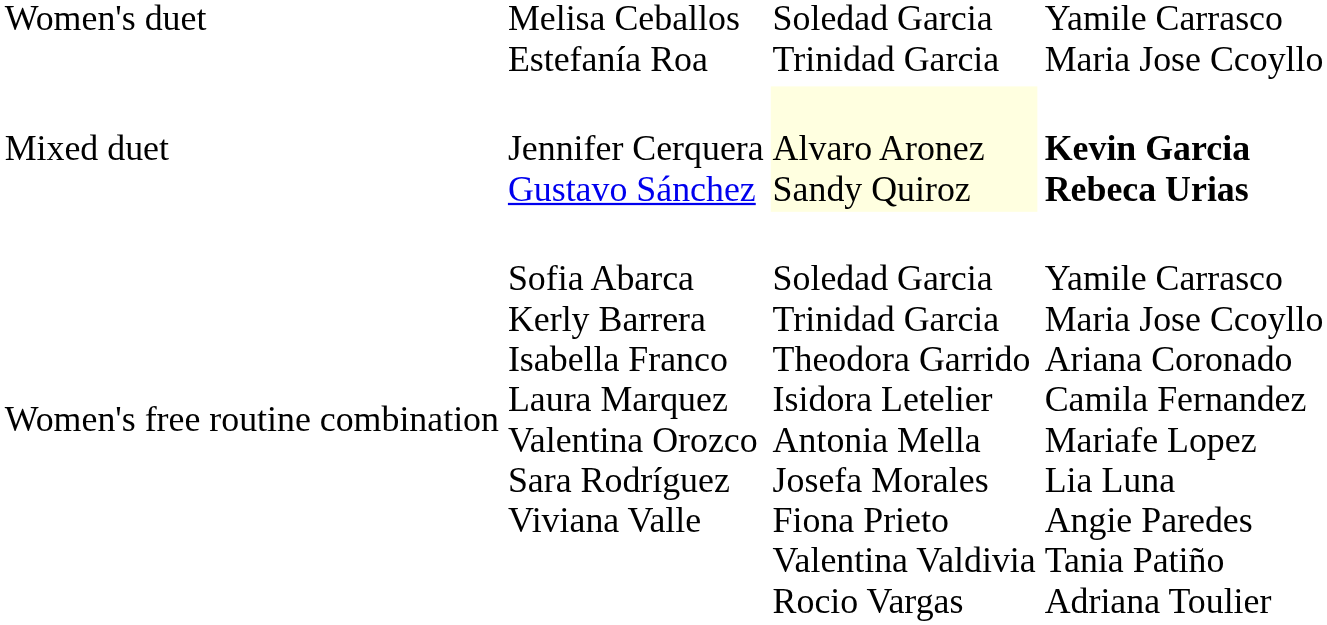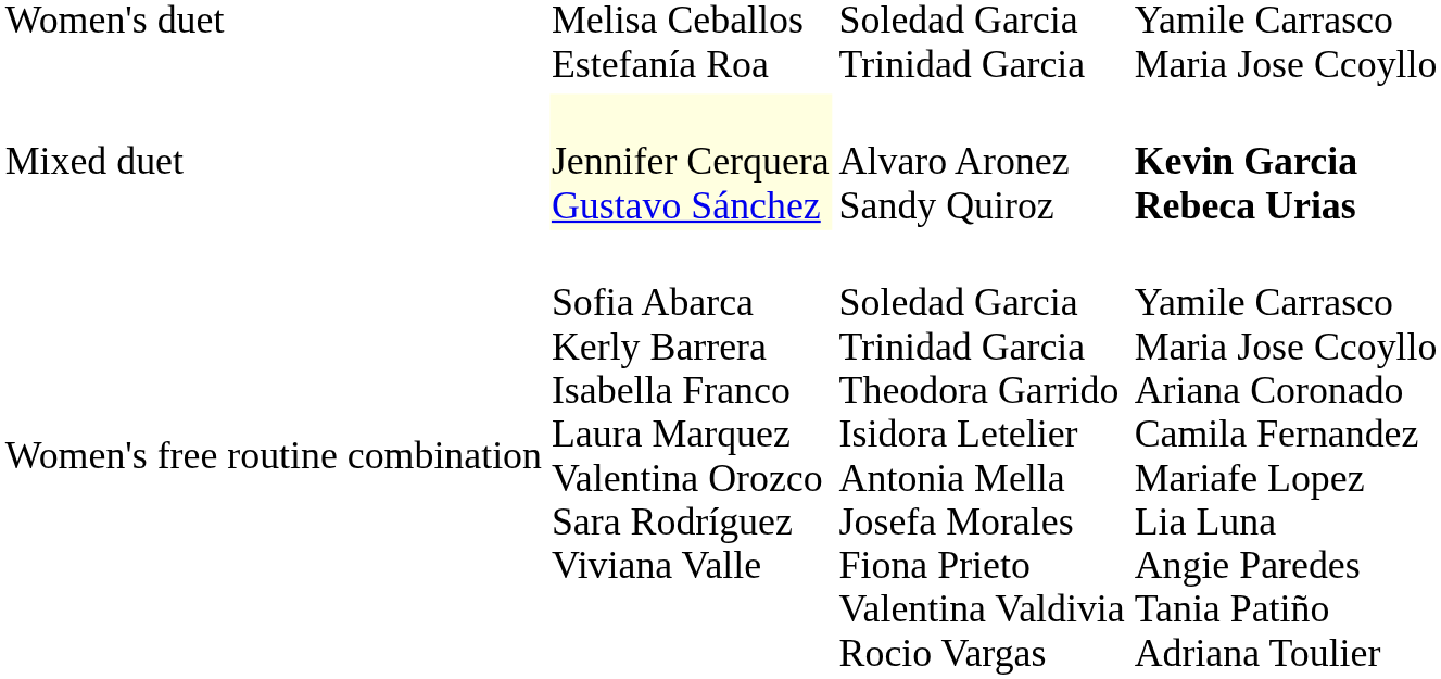 <table>
 <tr>
 <td>Women's duet</td>
 <td nowrap><br>Melisa Ceballos<br>Estefanía Roa</td>
 <td><br>Soledad Garcia<br>Trinidad Garcia</td>
 <td><br>Yamile Carrasco<br>Maria Jose Ccoyllo</td>
 </tr>
 <tr>
 <td>Mixed duet</td>
-<td><br>Jennifer Cerquera<br><a href='#'>Gustavo Sánchez</a></td>
-<td style="background: lightyellow;"><br>Alvaro Aronez<br>Sandy Quiroz</td>
+<td style="background: lightyellow;"><br>Jennifer Cerquera<br><a href='#'>Gustavo Sánchez</a></td>
+<td><br>Alvaro Aronez<br>Sandy Quiroz</td>
 <td><strong><br>Kevin Garcia<br>Rebeca Urias</strong></td>
 </tr>
 <tr>
 <td>Women's free routine combination</td>
 <td valign=top><br>Sofia Abarca<br>Kerly Barrera<br>Isabella Franco<br>Laura Marquez<br>Valentina Orozco<br>Sara Rodríguez<br>Viviana Valle</td>
 <td nowrap><br>Soledad Garcia<br>Trinidad Garcia<br>Theodora Garrido<br>Isidora Letelier<br>Antonia Mella<br>Josefa Morales<br>Fiona Prieto<br>Valentina Valdivia<br>Rocio Vargas</td>
 <td nowrap><br>Yamile Carrasco<br>Maria Jose Ccoyllo<br>Ariana Coronado<br>Camila Fernandez<br>Mariafe Lopez<br>Lia Luna<br>Angie Paredes<br>Tania Patiño<br>Adriana Toulier</td>
 </tr>
 </table>
